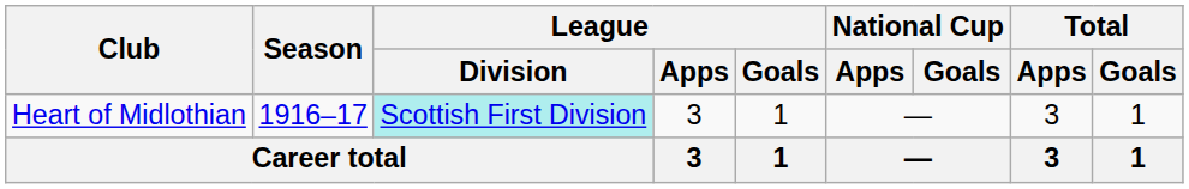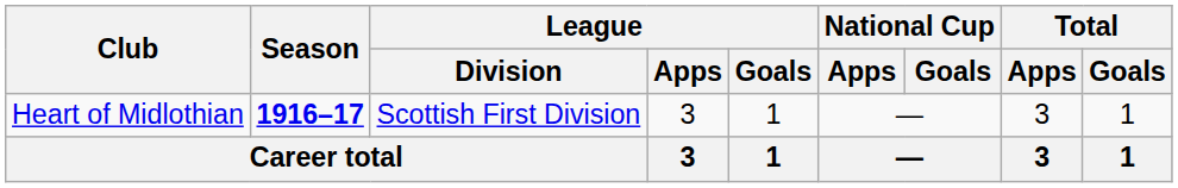 <table class="wikitable" style="text-align: center;">
 <tr>
 <th rowspan="2">Club</th>
 <th rowspan="2">Season</th>
 <th colspan="3">League</th>
 <th colspan="2">National Cup</th>
 <th colspan="2">Total</th>
 </tr>
 <tr>
 <th>Division</th>
 <th>Apps</th>
 <th>Goals</th>
 <th>Apps</th>
 <th>Goals</th>
 <th>Apps</th>
 <th>Goals</th>
 </tr>
 <tr>
 <td><a href='#'>Heart of Midlothian</a></td>
-<td><a href='#'>1916–17</a></td>
-<td style="background: paleturquoise;"><a href='#'>Scottish First Division</a></td>
+<td><strong><a href='#'>1916–17</a></strong></td>
+<td><a href='#'>Scottish First Division</a></td>
 <td>3</td>
 <td>1</td>
 <td colspan="2">—</td>
 <td>3</td>
 <td>1</td>
 </tr>
 <tr>
 <th colspan="3">Career total</th>
 <th>3</th>
 <th>1</th>
 <th colspan="2">—</th>
 <th>3</th>
 <th>1</th>
 </tr>
 </table>
